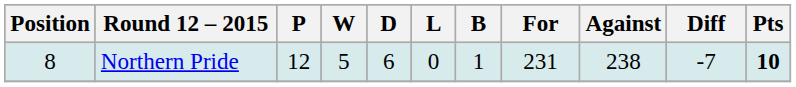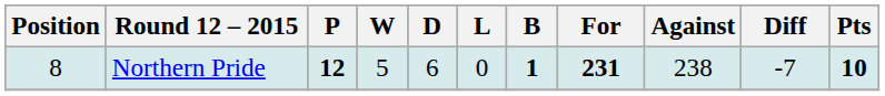 <table class="wikitable" style="text-align:center; font-size:85%;">
 <tr>
 <th width=40 abbr="Position">Position</th>
 <th width=100>Round 12 – 2015</th>
 <th width=20 abbr="Played">P</th>
 <th width=20 abbr="Won">W</th>
 <th width=20 abbr="Drawn">D</th>
 <th width=20 abbr="Lost">L</th>
 <th width=20 abbr="Bye">B</th>
 <th width=40 abbr="Points for">For</th>
 <th width=40 abbr="Points against">Against</th>
 <th width=40 abbr="Points difference">Diff</th>
 <th width=20 abbr="Points">Pts</th>
 </tr>
 <tr style="background: #d7ebed;">
 <td>8</td>
 <td style="text-align:left;"> <a href='#'>Northern Pride</a></td>
-<td>12</td>
+<td><strong>12</strong></td>
 <td>5</td>
 <td>6</td>
 <td>0</td>
-<td>1</td>
-<td>231</td>
+<td><strong>1</strong></td>
+<td><strong>231</strong></td>
 <td>238</td>
 <td>-7</td>
 <td><strong>10</strong></td>
 </tr>
 <tr>
 </tr>
 </table>
